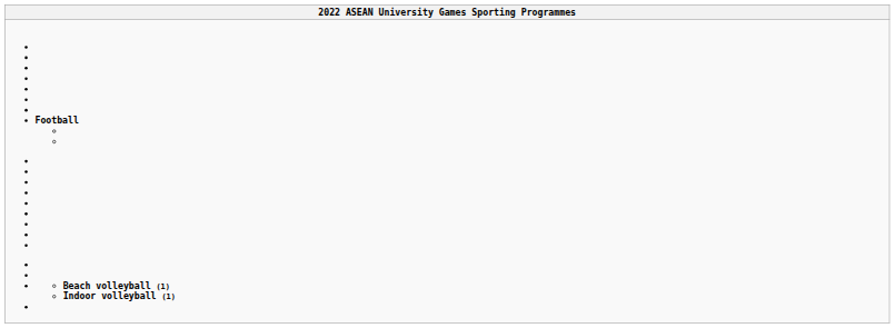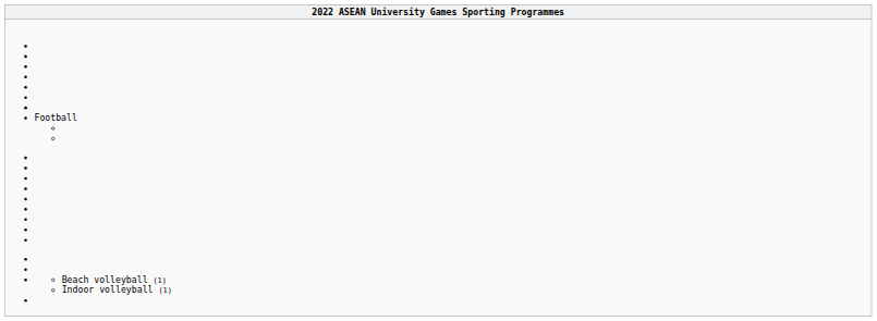 <table class="wikitable" style="width: 100%;">
 <tr>
 <th>2022 ASEAN University Games Sporting Programmes</th>
 </tr>
 <tr>
-<td><strong><br> <ul><li></li><li></li><li></li><li></li><li></li><li></li><li></li><li>Football<ul><li></li><li></li></ul></li></ul><ul><li></li><li></li><li></li><li></li><li></li><li></li><li></li><li></li><li></li></ul><ul><li></li><li></li><li><ul><li>Beach volleyball <small>(1)</small></li><li>Indoor volleyball <small>(1)</small></li></ul></li><li></li></ul></strong></td>
+<td><br> <ul><li></li><li></li><li></li><li></li><li></li><li></li><li></li><li>Football<ul><li></li><li></li></ul></li></ul><ul><li></li><li></li><li></li><li></li><li></li><li></li><li></li><li></li><li></li></ul><ul><li></li><li></li><li><ul><li>Beach volleyball <small>(1)</small></li><li>Indoor volleyball <small>(1)</small></li></ul></li><li></li></ul></td>
 </tr>
 </table>
